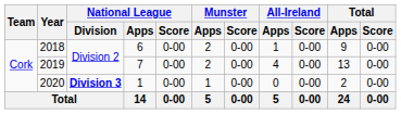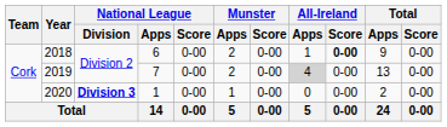 <table class="wikitable" style="text-align:center">
 <tr>
 <th rowspan="2">Team</th>
 <th rowspan="2">Year</th>
 <th colspan="3"><a href='#'>National League</a></th>
 <th colspan="2"><a href='#'>Munster</a></th>
 <th colspan="2"><a href='#'>All-Ireland</a></th>
 <th colspan="2">Total</th>
 </tr>
 <tr>
 <th>Division</th>
 <th>Apps</th>
 <th>Score</th>
 <th>Apps</th>
 <th>Score</th>
 <th>Apps</th>
 <th>Score</th>
 <th>Apps</th>
 <th>Score</th>
 </tr>
 <tr>
 <td rowspan="3"><a href='#'>Cork</a></td>
 <td>2018</td>
 <td rowspan="2"><a href='#'>Division 2</a></td>
 <td>6</td>
 <td>0-00</td>
 <td>2</td>
 <td>0-00</td>
 <td>1</td>
-<td>0-00</td>
+<td><strong>0-00</strong></td>
 <td>9</td>
 <td>0-00</td>
 </tr>
 <tr>
 <td>2019</td>
 <td>7</td>
 <td>0-00</td>
 <td>2</td>
 <td>0-00</td>
-<td>4</td>
+<td style="background: lightgrey;">4</td>
 <td>0-00</td>
 <td>13</td>
 <td>0-00</td>
 </tr>
 <tr>
 <td>2020</td>
 <td rowspan="1"><strong><a href='#'>Division 3</a></strong></td>
 <td>1</td>
 <td>0-00</td>
 <td>1</td>
 <td>0-00</td>
 <td>0</td>
 <td>0-00</td>
 <td>2</td>
 <td>0-00</td>
 </tr>
 <tr>
 <th colspan="3">Total</th>
 <th>14</th>
 <th>0-00</th>
 <th>5</th>
 <th>0-00</th>
 <th>5</th>
 <th>0-00</th>
 <th>24</th>
 <th>0-00</th>
 </tr>
 </table>
